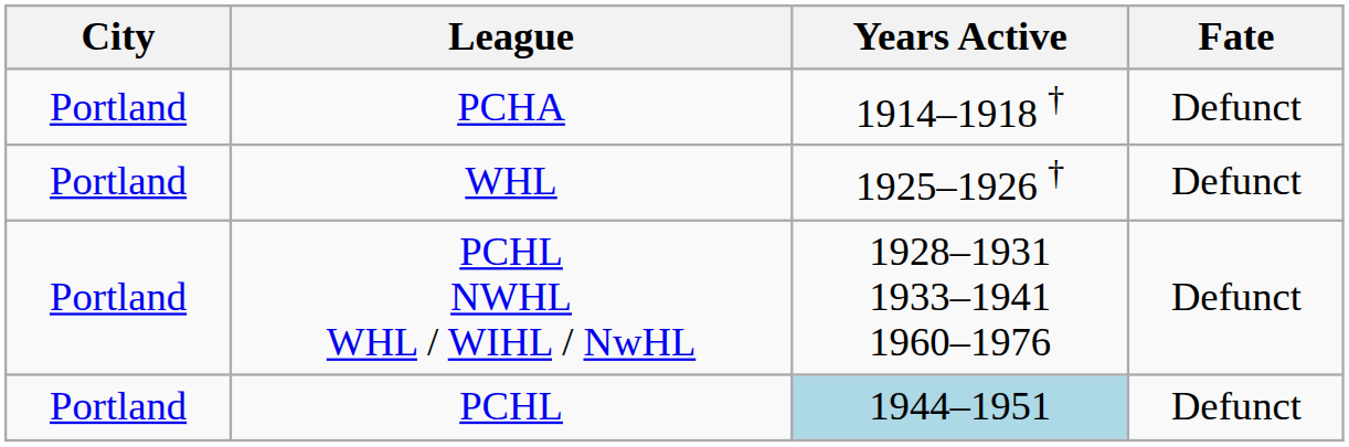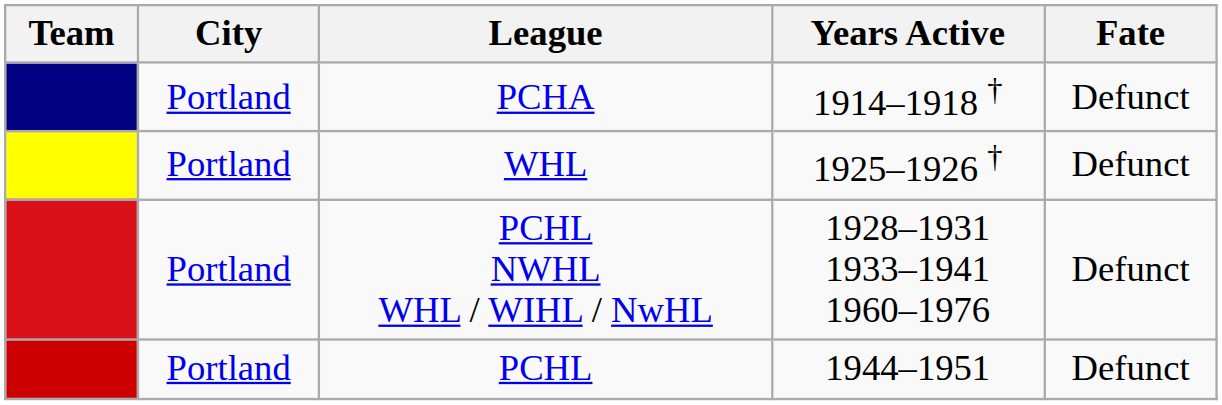 <table class="wikitable sortable" width="60%">
 <tr>
+<th>Team</th>
 <th>City</th>
 <th>League</th>
 <th>Years Active</th>
 <th>Fate</th>
 </tr>
 <tr align=center>
+<td style="color:white; background:#000080"><strong><a href='#'></a></strong></td>
 <td><a href='#'>Portland</a></td>
 <td><a href='#'>PCHA</a></td>
 <td>1914–1918 <sup>†</sup></td>
 <td>Defunct</td>
 </tr>
 <tr align=center>
+<td style="color:black; background:#FFFF00; "><strong><a href='#'></a></strong></td>
 <td><a href='#'>Portland</a></td>
 <td><a href='#'>WHL</a></td>
 <td>1925–1926 <sup>†</sup></td>
 <td>Defunct</td>
 </tr>
 <tr align=center>
+<td style="color:black; background:#da1018; "><strong><a href='#'></a></strong></td>
 <td><a href='#'>Portland</a></td>
 <td><a href='#'>PCHL</a><br><a href='#'>NWHL</a><br><a href='#'>WHL</a> / <a href='#'>WIHL</a> / <a href='#'>NwHL</a></td>
 <td>1928–1931<br>1933–1941<br>1960–1976</td>
 <td>Defunct</td>
 </tr>
 <tr align=center>
+<td style="color:black; background:#cd0001; "><strong><a href='#'></a></strong></td>
 <td><a href='#'>Portland</a></td>
 <td><a href='#'>PCHL</a></td>
-<td style="background: lightblue;">1944–1951</td>
+<td>1944–1951</td>
 <td>Defunct</td>
 </tr>
 </table>
